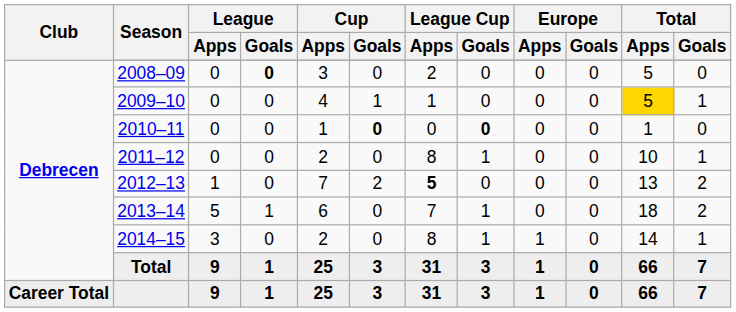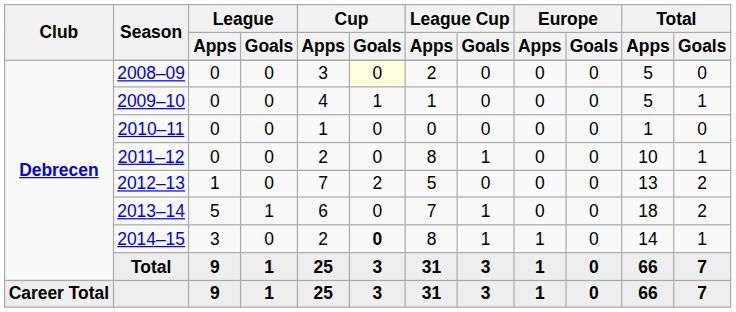 <table class="wikitable" style="font-size:90%; text-align: center;">
 <tr>
 <th rowspan="2">Club</th>
 <th rowspan="2">Season</th>
 <th colspan="2">League</th>
 <th colspan="2">Cup</th>
 <th colspan="2">League Cup</th>
 <th colspan="2">Europe</th>
 <th colspan="2">Total</th>
 </tr>
 <tr>
 <th>Apps</th>
 <th>Goals</th>
 <th>Apps</th>
 <th>Goals</th>
 <th>Apps</th>
 <th>Goals</th>
 <th>Apps</th>
 <th>Goals</th>
 <th>Apps</th>
 <th>Goals</th>
 </tr>
 <tr ||-||-||-|->
 <td rowspan="9" valign="center"><strong><a href='#'>Debrecen</a></strong></td>
 </tr>
 <tr>
 <td><a href='#'>2008–09</a></td>
 <td>0</td>
-<td><strong>0</strong></td>
+<td>0</td>
 <td>3</td>
-<td>0</td>
+<td style="background: lightyellow;">0</td>
 <td>2</td>
 <td>0</td>
 <td>0</td>
 <td>0</td>
 <td>5</td>
 <td>0</td>
 </tr>
 <tr>
 <td><a href='#'>2009–10</a></td>
 <td>0</td>
 <td>0</td>
 <td>4</td>
 <td>1</td>
 <td>1</td>
 <td>0</td>
 <td>0</td>
 <td>0</td>
-<td style="background: gold;">5</td>
+<td>5</td>
 <td>1</td>
 </tr>
 <tr>
 <td><a href='#'>2010–11</a></td>
 <td>0</td>
 <td>0</td>
 <td>1</td>
-<td><strong>0</strong></td>
 <td>0</td>
-<td><strong>0</strong></td>
+<td>0</td>
+<td>0</td>
 <td>0</td>
 <td>0</td>
 <td>1</td>
 <td>0</td>
 </tr>
 <tr>
 <td><a href='#'>2011–12</a></td>
 <td>0</td>
 <td>0</td>
 <td>2</td>
 <td>0</td>
 <td>8</td>
 <td>1</td>
 <td>0</td>
 <td>0</td>
 <td>10</td>
 <td>1</td>
 </tr>
 <tr>
 <td><a href='#'>2012–13</a></td>
 <td>1</td>
 <td>0</td>
 <td>7</td>
 <td>2</td>
-<td><strong>5</strong></td>
+<td>5</td>
 <td>0</td>
 <td>0</td>
 <td>0</td>
 <td>13</td>
 <td>2</td>
 </tr>
 <tr>
 <td><a href='#'>2013–14</a></td>
 <td>5</td>
 <td>1</td>
 <td>6</td>
 <td>0</td>
 <td>7</td>
 <td>1</td>
 <td>0</td>
 <td>0</td>
 <td>18</td>
 <td>2</td>
 </tr>
 <tr>
 <td><a href='#'>2014–15</a></td>
 <td>3</td>
 <td>0</td>
 <td>2</td>
-<td>0</td>
+<td><strong>0</strong></td>
 <td>8</td>
 <td>1</td>
 <td>1</td>
 <td>0</td>
 <td>14</td>
 <td>1</td>
 </tr>
 <tr style="font-weight:bold; background-color:#eeeeee;">
 <td>Total</td>
 <td>9</td>
 <td>1</td>
 <td>25</td>
 <td>3</td>
 <td>31</td>
 <td>3</td>
 <td>1</td>
 <td>0</td>
 <td>66</td>
 <td>7</td>
 </tr>
 <tr style="font-weight:bold; background-color:#eeeeee;">
 <td rowspan="1" valign="top"><strong>Career Total</strong></td>
 <td></td>
 <td><strong>9</strong></td>
 <td><strong>1</strong></td>
 <td><strong>25</strong></td>
 <td><strong>3</strong></td>
 <td><strong>31</strong></td>
 <td><strong>3</strong></td>
 <td><strong>1</strong></td>
 <td><strong>0</strong></td>
 <td><strong>66</strong></td>
 <td><strong>7</strong></td>
 </tr>
 </table>
